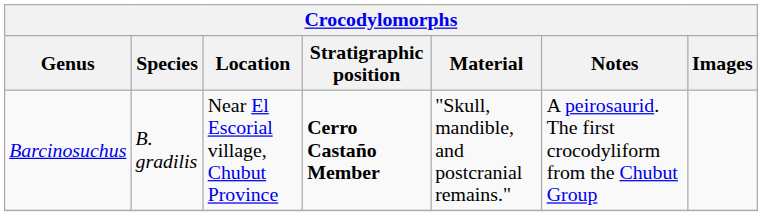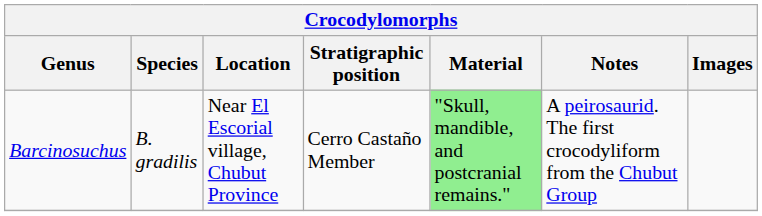 <table class="wikitable" align="center">
 <tr>
 <th colspan="7" align="center"><strong><a href='#'>Crocodylomorphs</a></strong></th>
 </tr>
 <tr>
 <th>Genus</th>
 <th>Species</th>
 <th>Location</th>
 <th>Stratigraphic position</th>
 <th>Material</th>
 <th>Notes</th>
 <th>Images</th>
 </tr>
 <tr>
 <td><em><a href='#'>Barcinosuchus</a></em></td>
 <td><em>B. gradilis</em></td>
 <td>Near <a href='#'>El Escorial</a> village, <a href='#'>Chubut Province</a></td>
-<td><strong>Cerro Castaño Member</strong></td>
-<td>"Skull, mandible, and postcranial remains."</td>
+<td>Cerro Castaño Member</td>
+<td style="background: lightgreen;">"Skull, mandible, and postcranial remains."</td>
 <td>A <a href='#'>peirosaurid</a>. The first crocodyliform from the <a href='#'>Chubut Group</a></td>
 <td></td>
 </tr>
 <tr>
 </tr>
 </table>
